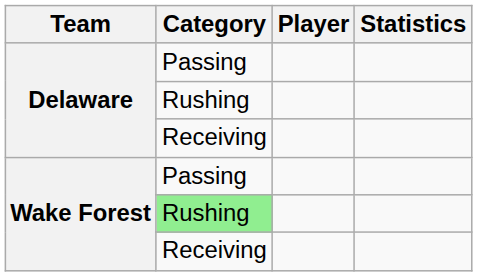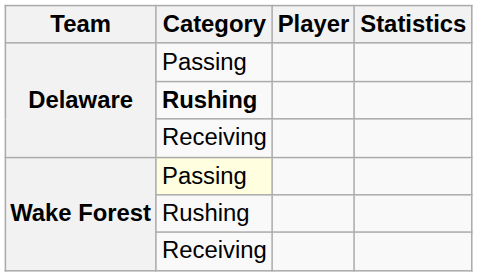 <table class="wikitable" style="float:right">
 <tr>
 <th>Team</th>
 <th>Category</th>
 <th>Player</th>
 <th>Statistics</th>
 </tr>
 <tr>
 <th rowspan=3>Delaware</th>
 <td>Passing</td>
 <td></td>
 <td></td>
 </tr>
 <tr>
-<td>Rushing</td>
+<td><strong>Rushing</strong></td>
 <td></td>
 <td></td>
 </tr>
 <tr>
 <td>Receiving</td>
 <td></td>
 <td></td>
 </tr>
 <tr>
 <th rowspan=3>Wake Forest</th>
-<td>Passing</td>
+<td style="background: lightyellow;">Passing</td>
 <td></td>
 <td></td>
 </tr>
 <tr>
-<td style="background: lightgreen;">Rushing</td>
+<td>Rushing</td>
 <td></td>
 <td></td>
 </tr>
 <tr>
 <td>Receiving</td>
 <td></td>
 <td></td>
 </tr>
 </table>
